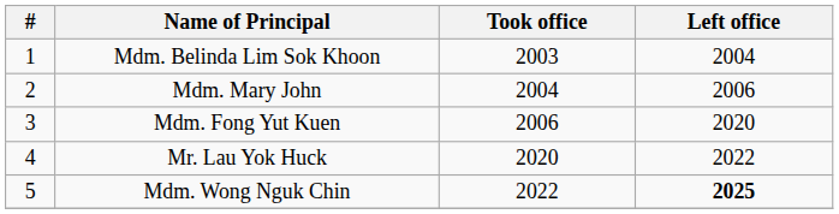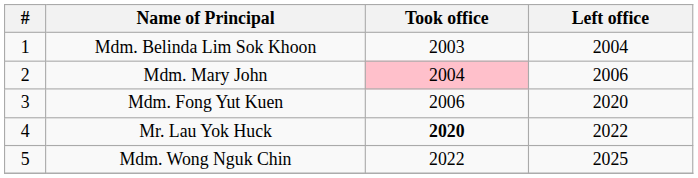 <table class="wikitable" align="center">
 <tr>
 <th colspan="1" width="30px">#</th>
 <th colspan="1" width="280px">Name of Principal</th>
 <th colspan="1" width="140px">Took office</th>
 <th colspan="1" width="140px">Left office</th>
 </tr>
 <tr align="center">
 <td>1</td>
 <td>Mdm. Belinda Lim Sok Khoon</td>
 <td>2003</td>
 <td>2004</td>
 </tr>
 <tr align="center">
 <td>2</td>
 <td>Mdm. Mary John</td>
-<td>2004</td>
+<td style="background: pink;">2004</td>
 <td>2006</td>
 </tr>
 <tr align="center">
 <td>3</td>
 <td>Mdm. Fong Yut Kuen</td>
 <td>2006</td>
 <td>2020</td>
 </tr>
 <tr align="center">
 <td>4</td>
 <td>Mr. Lau Yok Huck</td>
-<td>2020</td>
+<td><strong>2020</strong></td>
 <td>2022</td>
 </tr>
 <tr align="center">
 <td>5</td>
 <td>Mdm. Wong Nguk Chin</td>
 <td>2022</td>
-<td><strong>2025</strong></td>
+<td>2025</td>
 </tr>
 <tr align="center">
 </tr>
 </table>
